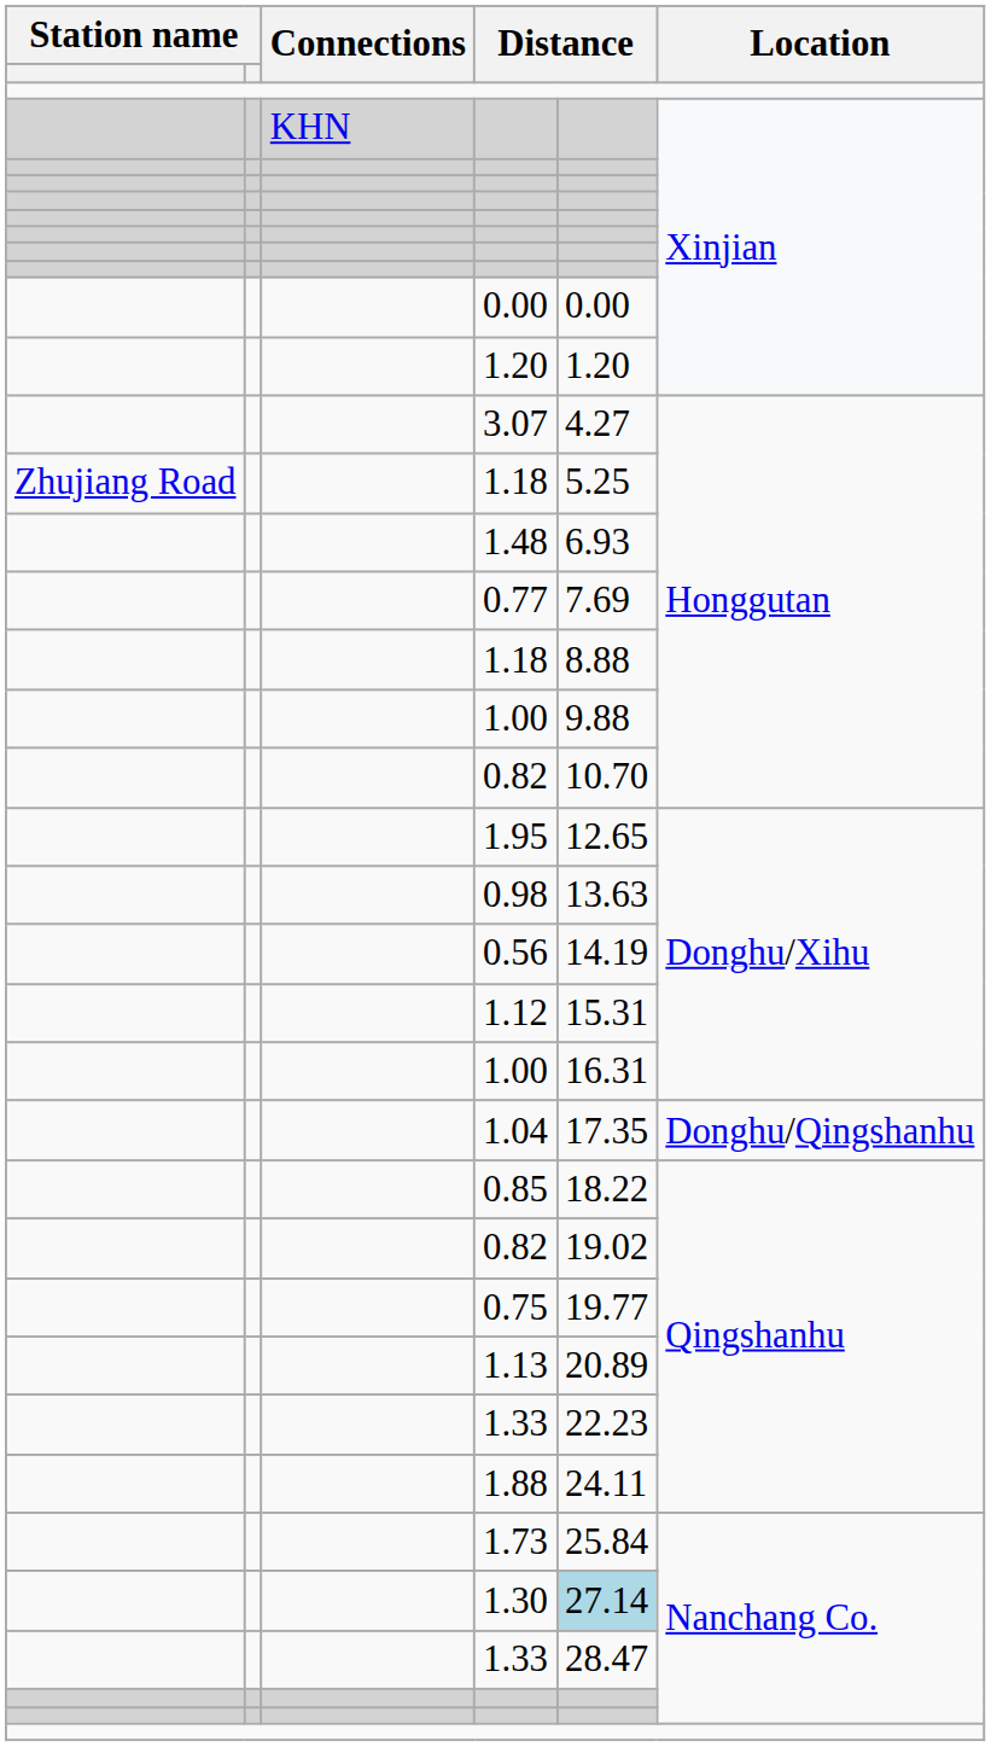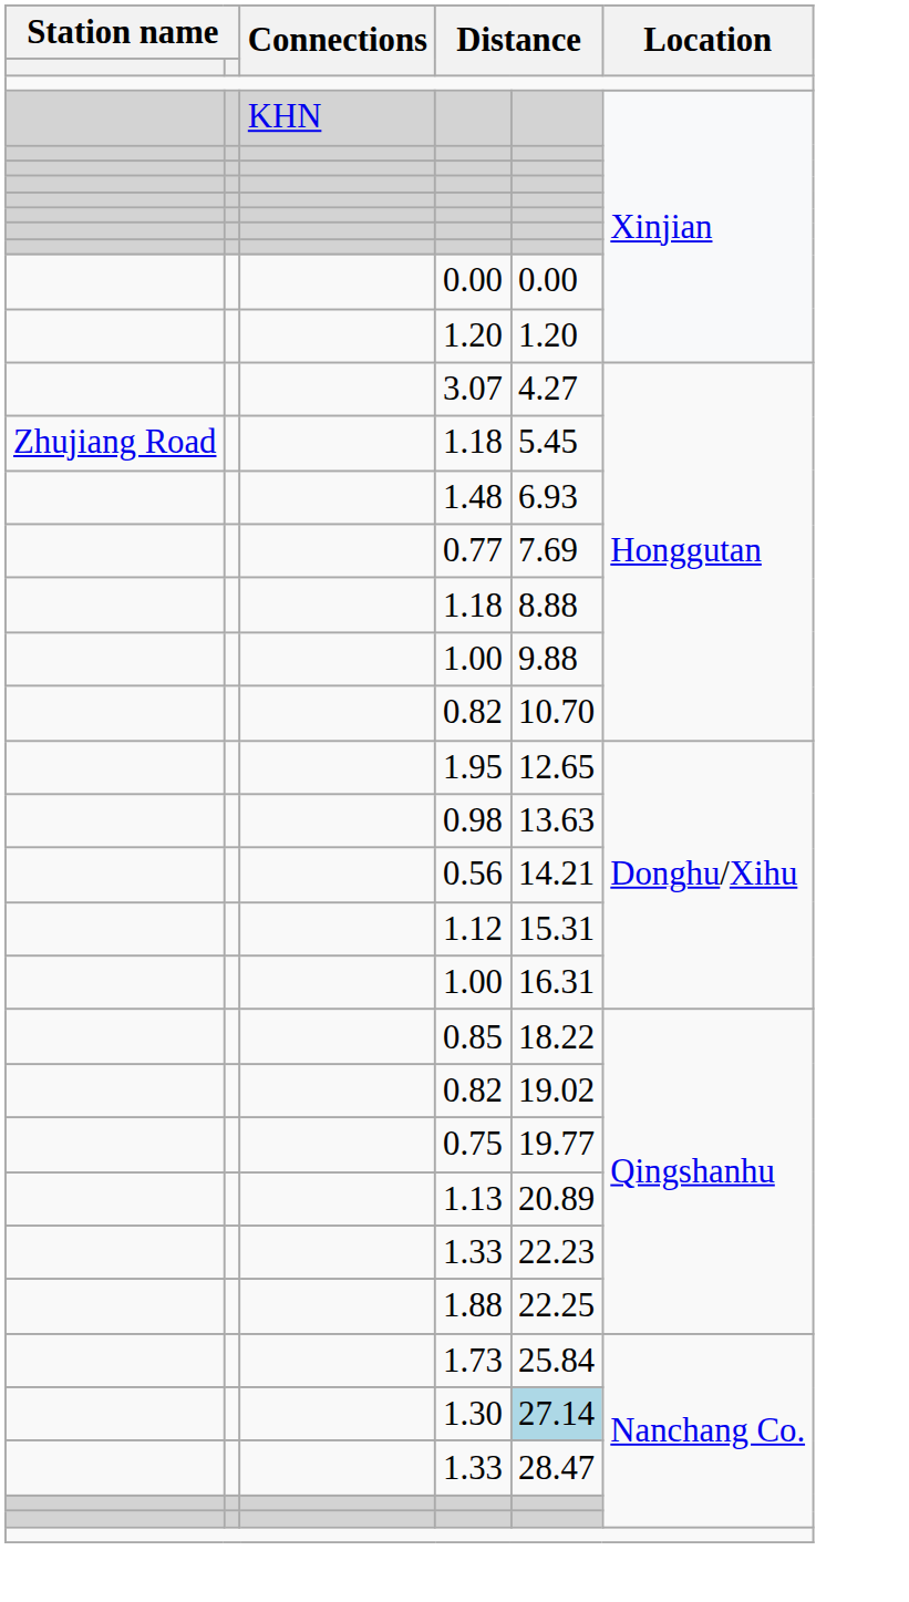 <table class="wikitable">
 <tr>
 <th colspan="2">Station name</th>
 <th rowspan="2">Connections</th>
 <th colspan="2" rowspan="2">Distance<br></th>
 <th rowspan="2">Location</th>
 </tr>
 <tr>
 <th></th>
 <th></th>
 </tr>
 <tr style="background:#">
 <td colspan = "6"></td>
 </tr>
 <tr bgcolor="lightgrey">
 <td><em></em></td>
 <td></td>
 <td> <a href='#'>KHN</a></td>
 <td></td>
 <td></td>
 <td bgcolor=#F8F9FA rowspan=10><a href='#'>Xinjian</a></td>
 </tr>
 <tr bgcolor="lightgrey">
 <td><em></em></td>
 <td></td>
 <td></td>
 <td></td>
 <td></td>
 </tr>
 <tr bgcolor="lightgrey">
 <td><em></em></td>
 <td></td>
 <td></td>
 <td></td>
 <td></td>
 </tr>
 <tr bgcolor="lightgrey">
 <td><em></em></td>
 <td></td>
 <td></td>
 <td></td>
 <td></td>
 </tr>
 <tr bgcolor="lightgrey">
 <td><em></em></td>
 <td></td>
 <td></td>
 <td></td>
 <td></td>
 </tr>
 <tr bgcolor="lightgrey">
 <td><em></em></td>
 <td></td>
 <td></td>
 <td></td>
 <td></td>
 </tr>
 <tr bgcolor="lightgrey">
 <td><em></em></td>
 <td></td>
 <td></td>
 <td></td>
 <td></td>
 </tr>
 <tr bgcolor="lightgrey">
 <td><em></em></td>
 <td></td>
 <td></td>
 <td></td>
 <td></td>
 </tr>
 <tr>
 <td></td>
 <td></td>
 <td></td>
 <td>0.00</td>
 <td>0.00</td>
 </tr>
 <tr>
 <td></td>
 <td></td>
 <td></td>
 <td>1.20</td>
 <td>1.20</td>
 </tr>
 <tr>
 <td></td>
 <td></td>
 <td></td>
 <td>3.07</td>
 <td>4.27</td>
 <td rowspan=7><a href='#'>Honggutan</a></td>
 </tr>
 <tr>
 <td><a href='#'>Zhujiang Road</a></td>
 <td></td>
 <td></td>
 <td>1.18</td>
-<td>5.25</td>
+<td>5.45</td>
 </tr>
 <tr>
 <td></td>
 <td></td>
 <td></td>
 <td>1.48</td>
 <td>6.93</td>
 </tr>
 <tr>
 <td></td>
 <td></td>
 <td></td>
 <td>0.77</td>
 <td>7.69</td>
 </tr>
 <tr>
 <td></td>
 <td></td>
 <td></td>
 <td>1.18</td>
 <td>8.88</td>
 </tr>
 <tr>
 <td></td>
 <td></td>
 <td></td>
 <td>1.00</td>
 <td>9.88</td>
 </tr>
 <tr>
 <td></td>
 <td></td>
 <td></td>
 <td>0.82</td>
 <td>10.70</td>
 </tr>
 <tr>
 <td></td>
 <td></td>
 <td></td>
 <td>1.95</td>
 <td>12.65</td>
 <td rowspan=5><a href='#'>Donghu</a>/<a href='#'>Xihu</a></td>
 </tr>
 <tr>
 <td></td>
 <td></td>
 <td></td>
 <td>0.98</td>
 <td>13.63</td>
 </tr>
 <tr>
 <td></td>
 <td></td>
 <td></td>
 <td>0.56</td>
-<td>14.19</td>
+<td>14.21</td>
 </tr>
 <tr>
 <td></td>
 <td></td>
 <td></td>
 <td>1.12</td>
 <td>15.31</td>
 </tr>
 <tr>
 <td></td>
 <td></td>
 <td></td>
 <td>1.00</td>
 <td>16.31</td>
-</tr>
-<tr>
-<td></td>
-<td></td>
-<td></td>
-<td>1.04</td>
-<td>17.35</td>
-<td><a href='#'>Donghu</a>/<a href='#'>Qingshanhu</a></td>
 </tr>
 <tr>
 <td></td>
 <td></td>
 <td></td>
 <td>0.85</td>
 <td>18.22</td>
 <td rowspan=6><a href='#'>Qingshanhu</a></td>
 </tr>
 <tr>
 <td></td>
 <td></td>
 <td></td>
 <td>0.82</td>
 <td>19.02</td>
 </tr>
 <tr>
 <td></td>
 <td></td>
 <td></td>
 <td>0.75</td>
 <td>19.77</td>
 </tr>
 <tr>
 <td></td>
 <td></td>
 <td></td>
 <td>1.13</td>
 <td>20.89</td>
 </tr>
 <tr>
 <td></td>
 <td></td>
 <td></td>
 <td>1.33</td>
 <td>22.23</td>
 </tr>
 <tr>
 <td></td>
 <td></td>
 <td></td>
 <td>1.88</td>
-<td>24.11</td>
+<td>22.25</td>
 </tr>
 <tr>
 <td></td>
 <td></td>
 <td></td>
 <td>1.73</td>
 <td>25.84</td>
 <td rowspan=5><a href='#'>Nanchang Co.</a></td>
 </tr>
 <tr>
 <td></td>
 <td></td>
 <td></td>
 <td>1.30</td>
 <td style="background: lightblue;">27.14</td>
 </tr>
 <tr>
 <td></td>
 <td></td>
 <td></td>
 <td>1.33</td>
 <td>28.47</td>
 </tr>
 <tr bgcolor="lightgrey">
 <td><em></em></td>
 <td></td>
 <td></td>
 <td></td>
 <td></td>
 </tr>
 <tr bgcolor="lightgrey">
 <td><em></em></td>
 <td></td>
 <td></td>
 <td></td>
 <td></td>
 </tr>
 <tr style="background:#">
 <td colspan = "6"></td>
 </tr>
 </table>
